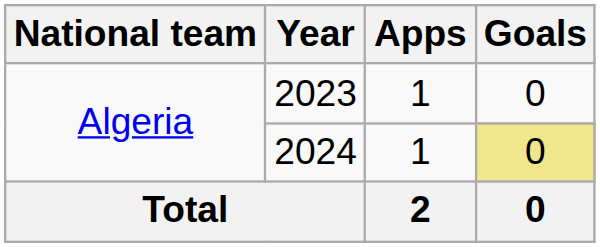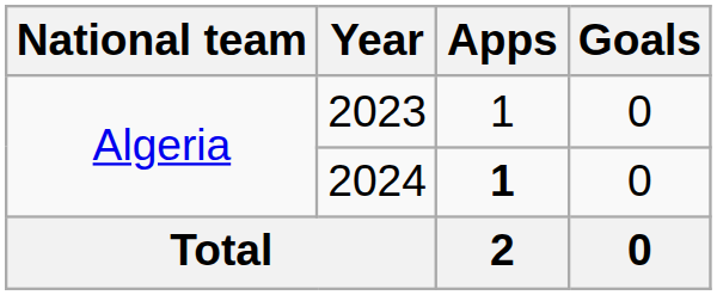 <table class="wikitable" style="text-align:center">
 <tr>
 <th>National team</th>
 <th>Year</th>
 <th>Apps</th>
 <th>Goals</th>
 </tr>
 <tr>
 <td rowspan="2"><a href='#'>Algeria</a></td>
 <td>2023</td>
 <td>1</td>
 <td>0</td>
 </tr>
 <tr>
 <td>2024</td>
-<td>1</td>
-<td style="background: khaki;">0</td>
+<td><strong>1</strong></td>
+<td>0</td>
 </tr>
 <tr>
 <th colspan="2">Total</th>
 <th>2</th>
 <th>0</th>
 </tr>
 </table>
